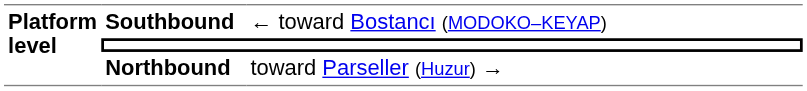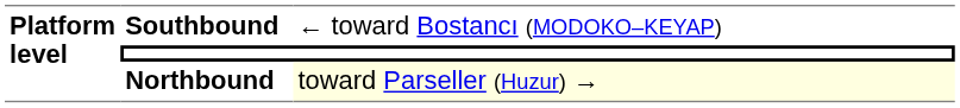 <table cellpadding="3" cellspacing="0" border="0">
 <tr>
 <td rowspan="3" width="50" style="border-top-color: gray; border-bottom-color: gray; border-top-width: 1px; border-bottom-width: 1px; border-top-style: solid; border-bottom-style: solid;" valign="top"><strong>Platform level</strong></td>
 <td width="100" style="border-top-color: gray; border-top-width: 1px; border-top-style: solid;"><strong>Southbound</strong></td>
 <td width="400" style="border-top-color: gray; border-top-width: 1px; border-top-style: solid;">←  toward <a href='#'>Bostancı</a> <small>(<a href='#'>MODOKO–KEYAP</a>)</small></td>
 </tr>
 <tr>
 <td colspan="2" style="border: 2px solid black; border-image: none; text-align: center;"></td>
 </tr>
 <tr>
 <td style="border-bottom-color: gray; border-bottom-width: 1px; border-bottom-style: solid;"><strong>Northbound</strong></td>
-<td style="border-bottom-color: gray; border-bottom-width: 1px; border-bottom-style: solid;"> toward <a href='#'>Parseller</a> <small>(<a href='#'>Huzur</a>)</small> →</td>
+<td style="background: lightyellow; border-bottom-color: gray; border-bottom-width: 1px; border-bottom-style: solid;"> toward <a href='#'>Parseller</a> <small>(<a href='#'>Huzur</a>)</small> →</td>
 </tr>
 </table>
